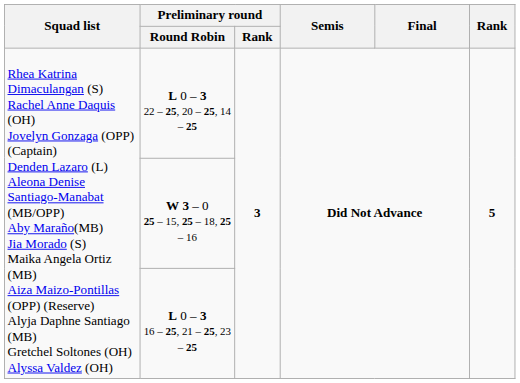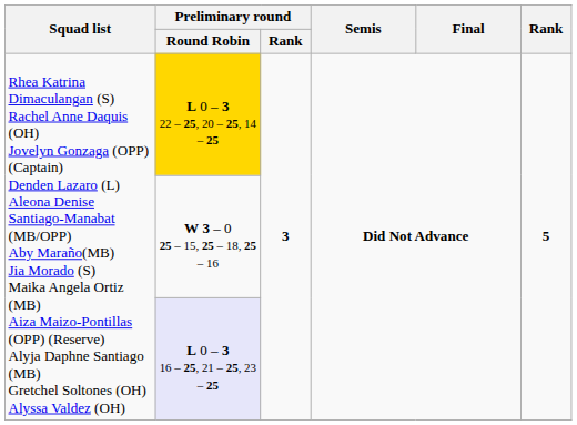 <table class="wikitable" width="90%" style="text-align:left; font-size:90%">
 <tr>
 <th rowspan="2" width="20%">Squad list</th>
 <th colspan="2">Preliminary round</th>
 <th rowspan="2" width="14%">Semis</th>
 <th rowspan="2" width="14%">Final</th>
 <th rowspan="2" width="5%">Rank</th>
 </tr>
 <tr>
 <th width="14%">Round Robin</th>
 <th width="5%">Rank</th>
 </tr>
 <tr>
 <td rowspan="3"><br><a href='#'>Rhea Katrina Dimaculangan</a> (S)<br> <a href='#'>Rachel Anne Daquis</a> (OH)<br> <a href='#'>Jovelyn Gonzaga</a> (OPP) (Captain)<br> <a href='#'>Denden Lazaro</a> (L)<br> <a href='#'>Aleona Denise Santiago-Manabat</a> (MB/OPP)<br> <a href='#'>Aby Maraño</a>(MB)<br> <a href='#'>Jia Morado</a> (S)<br> Maika Angela Ortiz (MB)<br> <a href='#'>Aiza Maizo-Pontillas</a> (OPP) (Reserve)<br> Alyja Daphne Santiago (MB)<br> Gretchel Soltones (OH)<br> <a href='#'>Alyssa Valdez</a> (OH)<br></td>
-<td align=center><br> <strong>L</strong> 0 – <strong>3</strong> <br> <small> 22 – <strong>25</strong>, 20 – <strong>25</strong>,  14 – <strong>25</strong> </small></td>
+<td align=center style="background: gold;"><br> <strong>L</strong> 0 – <strong>3</strong> <br> <small> 22 – <strong>25</strong>, 20 – <strong>25</strong>,  14 – <strong>25</strong> </small></td>
 <td rowspan=3 align=center><strong>3</strong></td>
 <td rowspan=3 align=center colspan=2><strong>Did Not Advance</strong></td>
 <td rowspan=3 align=center><strong>5</strong></td>
 </tr>
 <tr>
 <td align=center><br> <strong>W</strong> <strong>3</strong> – 0 <br> <small> <strong>25</strong> – 15, <strong>25</strong> – 18, <strong>25</strong> – 16 </small></td>
 </tr>
 <tr>
-<td align=center><br> <strong>L</strong> 0 – <strong>3</strong> <br> <small> 16 – <strong>25</strong>, 21 – <strong>25</strong>, 23 – <strong>25</strong> </small></td>
+<td align=center style="background: lavender;"><br> <strong>L</strong> 0 – <strong>3</strong> <br> <small> 16 – <strong>25</strong>, 21 – <strong>25</strong>, 23 – <strong>25</strong> </small></td>
 </tr>
 </table>
